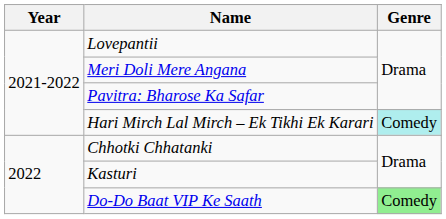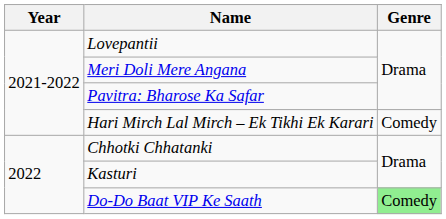 <table class="wikitable">
 <tr>
 <th>Year</th>
 <th>Name</th>
 <th>Genre</th>
 </tr>
 <tr>
 <td rowspan="4">2021-2022</td>
 <td><em>Lovepantii</em></td>
 <td rowspan="3">Drama</td>
 </tr>
 <tr>
 <td><em><a href='#'>Meri Doli Mere Angana</a></em></td>
 </tr>
 <tr>
 <td><em><a href='#'>Pavitra: Bharose Ka Safar</a></em></td>
 </tr>
 <tr>
 <td><em>Hari Mirch Lal Mirch – Ek Tikhi Ek Karari</em></td>
-<td style="background: paleturquoise;">Comedy</td>
+<td>Comedy</td>
 </tr>
 <tr>
 <td rowspan="3">2022</td>
 <td><em>Chhotki Chhatanki</em></td>
 <td rowspan="2">Drama</td>
 </tr>
 <tr>
 <td><em>Kasturi</em></td>
 </tr>
 <tr>
 <td><em><a href='#'>Do-Do Baat VIP Ke Saath</a></em></td>
 <td style="background: lightgreen;">Comedy</td>
 </tr>
 </table>
